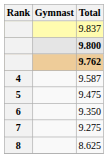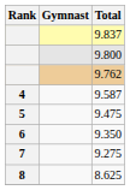 <table class="wikitable sortable" style="text-align:center; font-size:95%">
 <tr>
 <th scope=col>Rank</th>
 <th scope=col>Gymnast</th>
 <th scope=col>Total</th>
 </tr>
 <tr bgcolor=fffcaf>
 <th scope=row style="text-align:center"></th>
 <td align=left></td>
 <td>9.837</td>
 </tr>
 <tr bgcolor=e5e5e5>
 <th scope=row style="text-align:center"></th>
 <td align=left></td>
-<td><strong>9.800</strong></td>
+<td>9.800</td>
 </tr>
 <tr bgcolor=eecc99>
 <th scope=row style="text-align:center"></th>
 <td align=left></td>
-<td><strong>9.762</strong></td>
+<td>9.762</td>
 </tr>
 <tr>
 <th scope=row style="text-align:center">4</th>
 <td align=left></td>
 <td>9.587</td>
 </tr>
 <tr>
 <th scope=row style="text-align:center">5</th>
 <td align=left></td>
 <td>9.475</td>
 </tr>
 <tr>
 <th scope=row style="text-align:center">6</th>
 <td align=left></td>
 <td>9.350</td>
 </tr>
 <tr>
 <th scope=row style="text-align:center">7</th>
 <td align=left></td>
 <td>9.275</td>
 </tr>
 <tr>
 <th scope=row style="text-align:center">8</th>
 <td align=left></td>
 <td>8.625</td>
 </tr>
 <tr>
 </tr>
 </table>
